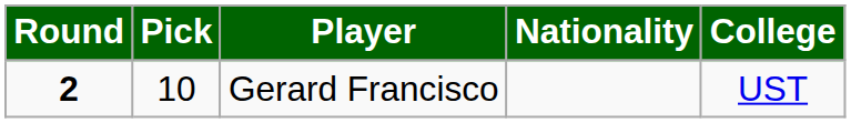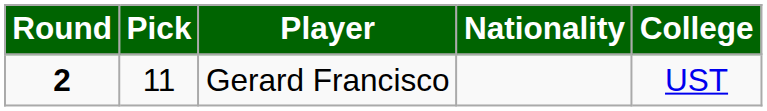 <table class="wikitable sortable sortable">
 <tr>
 <th style="background:#006401; color:#FFFFFF; ">Round</th>
 <th style="background:#006401; color:#FFFFFF; ">Pick</th>
 <th style="background:#006401; color:#FFFFFF; ">Player</th>
 <th style="background:#006401; color:#FFFFFF; ">Nationality</th>
 <th style="background:#006401; color:#FFFFFF; ">College</th>
 </tr>
 <tr style="text-align: center">
 <td align="center"><strong>2</strong></td>
-<td align="center">10</td>
+<td align="center">11</td>
 <td>Gerard Francisco</td>
 <td></td>
 <td><a href='#'>UST</a></td>
 </tr>
 </table>
